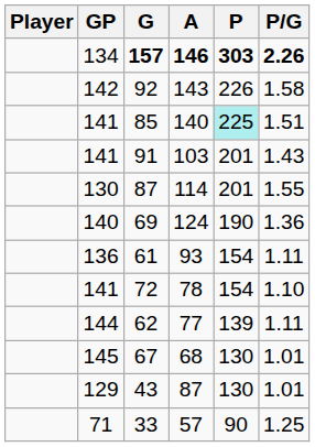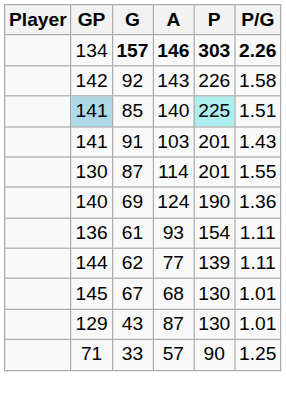 <table class="wikitable sortable" style="text-align:center;">
 <tr>
 <th>Player</th>
 <th>GP</th>
 <th>G</th>
 <th>A</th>
 <th>P</th>
 <th>P/G</th>
 </tr>
 <tr>
 <td align="left"></td>
 <td>134</td>
 <td><strong>157</strong></td>
 <td><strong>146</strong></td>
 <td><strong>303</strong></td>
 <td><strong>2.26</strong></td>
 </tr>
 <tr>
 <td align="left"></td>
 <td>142</td>
 <td>92</td>
 <td>143</td>
 <td>226</td>
 <td>1.58</td>
 </tr>
 <tr>
 <td align="left"></td>
-<td>141</td>
+<td style="background: lightblue;">141</td>
 <td>85</td>
 <td>140</td>
 <td style="background: paleturquoise;">225</td>
 <td>1.51</td>
 </tr>
 <tr>
 <td align="left"></td>
 <td>141</td>
 <td>91</td>
 <td>103</td>
 <td>201</td>
 <td>1.43</td>
 </tr>
 <tr>
 <td align="left"></td>
 <td>130</td>
 <td>87</td>
 <td>114</td>
 <td>201</td>
 <td>1.55</td>
 </tr>
 <tr>
 <td align="left"></td>
 <td>140</td>
 <td>69</td>
 <td>124</td>
 <td>190</td>
 <td>1.36</td>
 </tr>
 <tr>
 <td align="left"></td>
 <td>136</td>
 <td>61</td>
 <td>93</td>
 <td>154</td>
 <td>1.11</td>
 </tr>
 <tr>
 <td align="left"></td>
-<td>141</td>
-<td>72</td>
-<td>78</td>
-<td>154</td>
-<td>1.10</td>
-</tr>
-<tr>
-<td align="left"></td>
 <td>144</td>
 <td>62</td>
 <td>77</td>
 <td>139</td>
 <td>1.11</td>
 </tr>
 <tr>
 <td align="left"></td>
 <td>145</td>
 <td>67</td>
 <td>68</td>
 <td>130</td>
 <td>1.01</td>
 </tr>
 <tr>
 <td align="left"></td>
 <td>129</td>
 <td>43</td>
 <td>87</td>
 <td>130</td>
 <td>1.01</td>
 </tr>
 <tr>
 <td align="left"></td>
 <td>71</td>
 <td>33</td>
 <td>57</td>
 <td>90</td>
 <td>1.25</td>
 </tr>
 </table>
